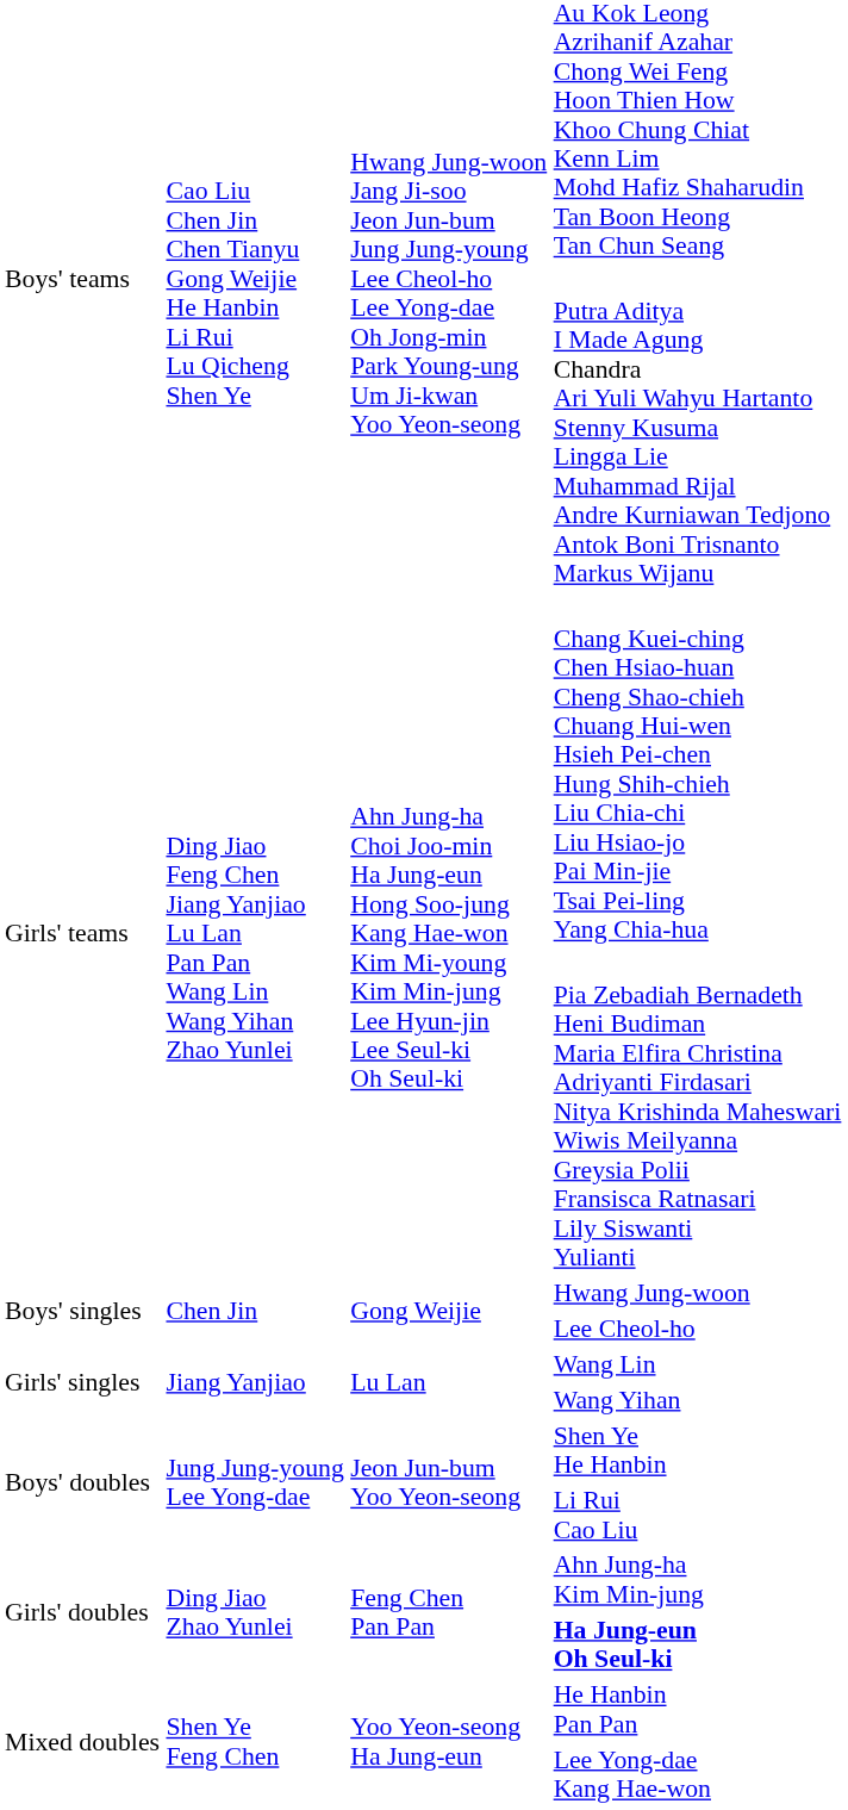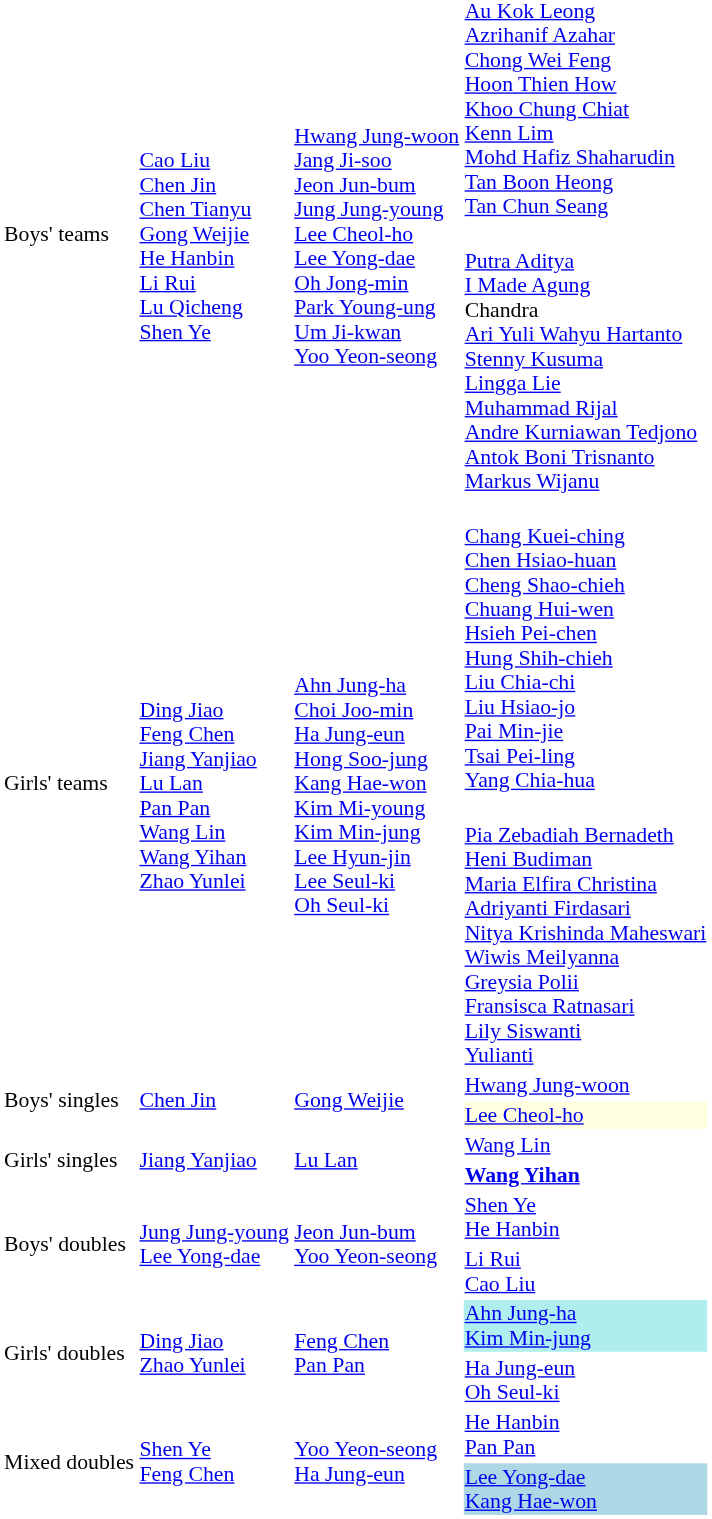 <table>
 <tr>
 <td rowspan=2>Boys' teams<br></td>
 <td rowspan=2><br><a href='#'>Cao Liu</a><br><a href='#'>Chen Jin</a><br><a href='#'>Chen Tianyu</a><br><a href='#'>Gong Weijie</a><br><a href='#'>He Hanbin</a><br><a href='#'>Li Rui</a><br><a href='#'>Lu Qicheng</a><br><a href='#'>Shen Ye</a></td>
 <td rowspan=2><br><a href='#'>Hwang Jung-woon</a><br><a href='#'>Jang Ji-soo</a><br><a href='#'>Jeon Jun-bum</a><br><a href='#'>Jung Jung-young</a><br><a href='#'>Lee Cheol-ho</a><br><a href='#'>Lee Yong-dae</a><br><a href='#'>Oh Jong-min</a><br><a href='#'>Park Young-ung</a><br><a href='#'>Um Ji-kwan</a><br><a href='#'>Yoo Yeon-seong</a></td>
 <td><br><a href='#'>Au Kok Leong</a><br><a href='#'>Azrihanif Azahar</a><br><a href='#'>Chong Wei Feng</a><br><a href='#'>Hoon Thien How</a><br><a href='#'>Khoo Chung Chiat</a><br><a href='#'>Kenn Lim</a><br><a href='#'>Mohd Hafiz Shaharudin</a><br><a href='#'>Tan Boon Heong</a><br><a href='#'>Tan Chun Seang</a></td>
 </tr>
 <tr>
 <td><br><a href='#'>Putra Aditya</a><br><a href='#'>I Made Agung</a><br>Chandra<br><a href='#'>Ari Yuli Wahyu Hartanto</a><br><a href='#'>Stenny Kusuma</a><br><a href='#'>Lingga Lie</a><br><a href='#'>Muhammad Rijal</a><br><a href='#'>Andre Kurniawan Tedjono</a><br><a href='#'>Antok Boni Trisnanto</a><br><a href='#'>Markus Wijanu</a></td>
 </tr>
 <tr>
 <td rowspan=2>Girls' teams<br></td>
 <td rowspan=2><br><a href='#'>Ding Jiao</a><br><a href='#'>Feng Chen</a><br><a href='#'>Jiang Yanjiao</a><br><a href='#'>Lu Lan</a><br><a href='#'>Pan Pan</a><br><a href='#'>Wang Lin</a><br><a href='#'>Wang Yihan</a><br><a href='#'>Zhao Yunlei</a></td>
 <td rowspan=2><br><a href='#'>Ahn Jung-ha</a><br><a href='#'>Choi Joo-min</a><br><a href='#'>Ha Jung-eun</a><br><a href='#'>Hong Soo-jung</a><br><a href='#'>Kang Hae-won</a><br><a href='#'>Kim Mi-young</a><br><a href='#'>Kim Min-jung</a><br><a href='#'>Lee Hyun-jin</a><br><a href='#'>Lee Seul-ki</a><br><a href='#'>Oh Seul-ki</a></td>
 <td><br><a href='#'>Chang Kuei-ching</a><br><a href='#'>Chen Hsiao-huan</a><br><a href='#'>Cheng Shao-chieh</a><br><a href='#'>Chuang Hui-wen</a><br><a href='#'>Hsieh Pei-chen</a><br><a href='#'>Hung Shih-chieh</a><br><a href='#'>Liu Chia-chi</a><br><a href='#'>Liu Hsiao-jo</a><br><a href='#'>Pai Min-jie</a><br><a href='#'>Tsai Pei-ling</a><br><a href='#'>Yang Chia-hua</a></td>
 </tr>
 <tr>
 <td><br><a href='#'>Pia Zebadiah Bernadeth</a><br><a href='#'>Heni Budiman</a><br><a href='#'>Maria Elfira Christina</a><br><a href='#'>Adriyanti Firdasari</a><br><a href='#'>Nitya Krishinda Maheswari</a><br><a href='#'>Wiwis Meilyanna</a><br><a href='#'>Greysia Polii</a><br><a href='#'>Fransisca Ratnasari</a><br><a href='#'>Lily Siswanti</a><br><a href='#'>Yulianti</a></td>
 </tr>
 <tr>
 <td rowspan=2>Boys' singles<br></td>
 <td rowspan=2> <a href='#'>Chen Jin</a></td>
 <td rowspan=2> <a href='#'>Gong Weijie</a></td>
 <td> <a href='#'>Hwang Jung-woon</a></td>
 </tr>
 <tr>
-<td> <a href='#'>Lee Cheol-ho</a></td>
+<td style="background: lightyellow;"> <a href='#'>Lee Cheol-ho</a></td>
 </tr>
 <tr>
 <td rowspan=2>Girls' singles<br></td>
 <td rowspan=2> <a href='#'>Jiang Yanjiao</a></td>
 <td rowspan=2> <a href='#'>Lu Lan</a></td>
 <td> <a href='#'>Wang Lin</a></td>
 </tr>
 <tr>
-<td> <a href='#'>Wang Yihan</a></td>
+<td><strong> <a href='#'>Wang Yihan</a></strong></td>
 </tr>
 <tr>
 <td rowspan=2>Boys' doubles<br></td>
 <td rowspan=2> <a href='#'>Jung Jung-young</a><br> <a href='#'>Lee Yong-dae</a></td>
 <td rowspan=2> <a href='#'>Jeon Jun-bum</a><br> <a href='#'>Yoo Yeon-seong</a></td>
 <td> <a href='#'>Shen Ye</a><br> <a href='#'>He Hanbin</a></td>
 </tr>
 <tr>
 <td> <a href='#'>Li Rui</a><br> <a href='#'>Cao Liu</a></td>
 </tr>
 <tr>
 <td rowspan=2>Girls' doubles<br></td>
 <td rowspan=2> <a href='#'>Ding Jiao</a><br> <a href='#'>Zhao Yunlei</a></td>
 <td rowspan=2> <a href='#'>Feng Chen</a><br> <a href='#'>Pan Pan</a></td>
-<td> <a href='#'>Ahn Jung-ha</a><br> <a href='#'>Kim Min-jung</a></td>
+<td style="background: paleturquoise;"> <a href='#'>Ahn Jung-ha</a><br> <a href='#'>Kim Min-jung</a></td>
 </tr>
 <tr>
-<td><strong> <a href='#'>Ha Jung-eun</a><br> <a href='#'>Oh Seul-ki</a></strong></td>
+<td> <a href='#'>Ha Jung-eun</a><br> <a href='#'>Oh Seul-ki</a></td>
 </tr>
 <tr>
 <td rowspan=2>Mixed doubles<br></td>
 <td rowspan=2> <a href='#'>Shen Ye</a><br> <a href='#'>Feng Chen</a></td>
 <td rowspan=2> <a href='#'>Yoo Yeon-seong</a><br> <a href='#'>Ha Jung-eun</a></td>
 <td> <a href='#'>He Hanbin</a><br> <a href='#'>Pan Pan</a></td>
 </tr>
 <tr>
-<td> <a href='#'>Lee Yong-dae</a><br> <a href='#'>Kang Hae-won</a></td>
+<td style="background: lightblue;"> <a href='#'>Lee Yong-dae</a><br> <a href='#'>Kang Hae-won</a></td>
 </tr>
 </table>
